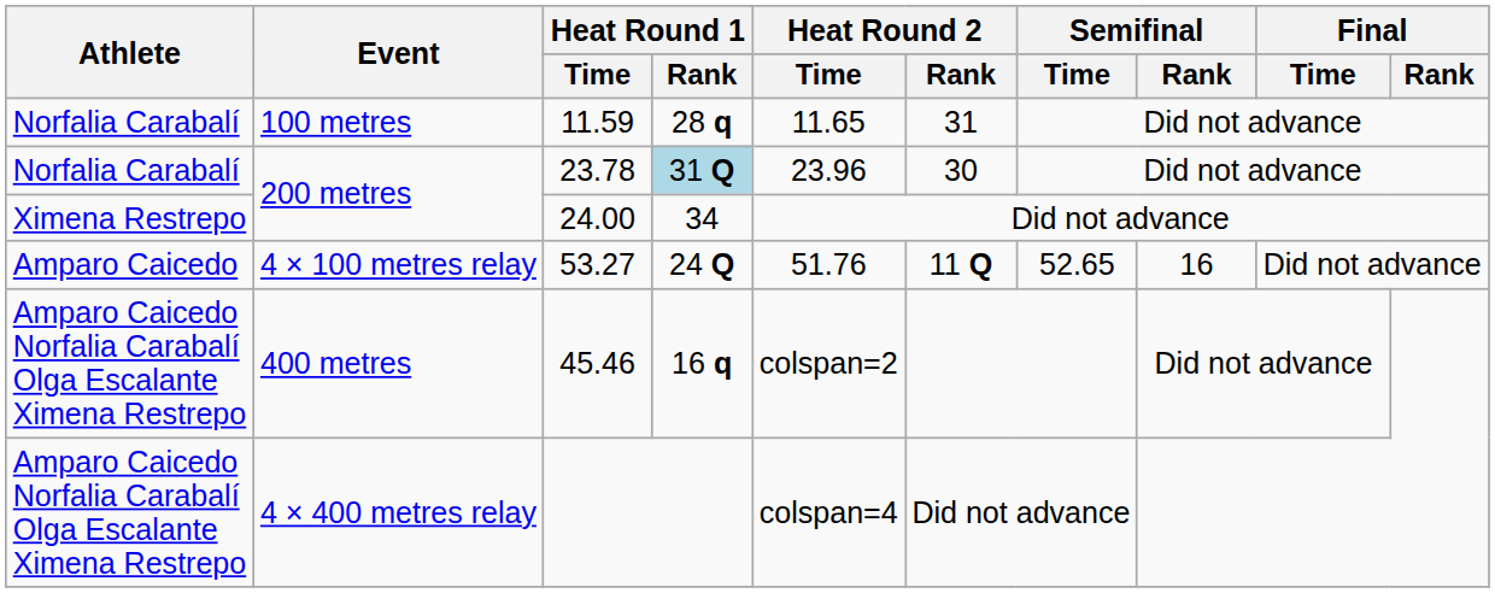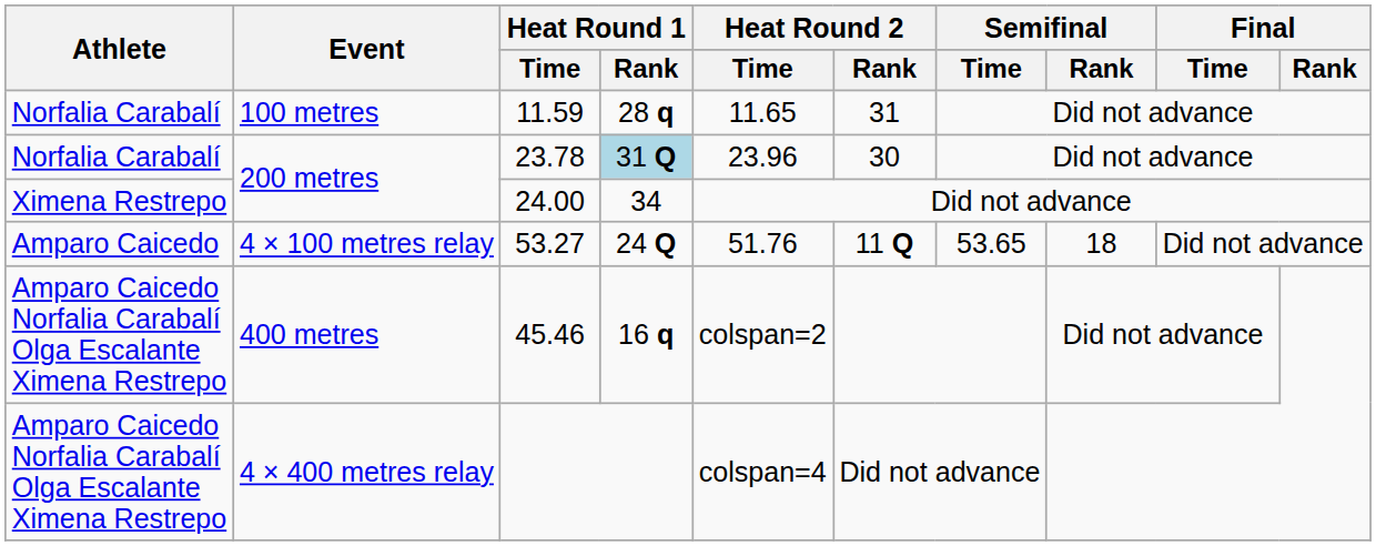 <table class=wikitable style="font-size:90%; text-align:center">
 <tr>
 <th rowspan=2>Athlete</th>
 <th rowspan=2>Event</th>
 <th colspan=2>Heat Round 1</th>
 <th colspan=2>Heat Round 2</th>
 <th colspan=2>Semifinal</th>
 <th colspan=2>Final</th>
 </tr>
 <tr style=font-size:95%>
 <th>Time</th>
 <th>Rank</th>
 <th>Time</th>
 <th>Rank</th>
 <th>Time</th>
 <th>Rank</th>
 <th>Time</th>
 <th>Rank</th>
 </tr>
 <tr align=center>
 <td align=left><a href='#'>Norfalia Carabalí</a></td>
 <td align=left><a href='#'>100 metres</a></td>
 <td>11.59</td>
 <td>28 <strong>q</strong></td>
 <td>11.65</td>
 <td>31</td>
 <td colspan=4>Did not advance</td>
 </tr>
 <tr align=center>
 <td align=left><a href='#'>Norfalia Carabalí</a></td>
 <td align=left rowspan=2><a href='#'>200 metres</a></td>
 <td>23.78</td>
 <td style="background: lightblue;">31 <strong>Q</strong></td>
 <td>23.96</td>
 <td>30</td>
 <td colspan=4>Did not advance</td>
 </tr>
 <tr align=center>
 <td align=left><a href='#'>Ximena Restrepo</a></td>
 <td>24.00</td>
 <td>34</td>
 <td colspan=6>Did not advance</td>
 </tr>
 <tr align=center>
 <td align=left><a href='#'>Amparo Caicedo</a></td>
 <td align=left><a href='#'>4 × 100 metres relay</a></td>
 <td>53.27</td>
 <td>24 <strong>Q</strong></td>
 <td>51.76</td>
 <td>11 <strong>Q</strong></td>
-<td>52.65</td>
-<td>16</td>
+<td>53.65</td>
+<td>18</td>
 <td colspan=2>Did not advance</td>
 </tr>
 <tr align=center>
 <td align=left><a href='#'>Amparo Caicedo</a><br><a href='#'>Norfalia Carabalí</a><br><a href='#'>Olga Escalante</a><br><a href='#'>Ximena Restrepo</a></td>
 <td align=left><a href='#'>400 metres</a></td>
 <td>45.46</td>
 <td>16 <strong>q</strong></td>
 <td>colspan=2</td>
 <td colspan=2></td>
 <td colspan=2>Did not advance</td>
 </tr>
 <tr align=center>
 <td align=left><a href='#'>Amparo Caicedo</a><br><a href='#'>Norfalia Carabalí</a><br><a href='#'>Olga Escalante</a><br><a href='#'>Ximena Restrepo</a></td>
 <td align=left><a href='#'>4 × 400 metres relay</a></td>
 <td colspan=2></td>
 <td>colspan=4</td>
 <td colspan=2>Did not advance</td>
 </tr>
 </table>
